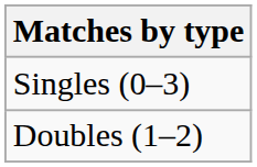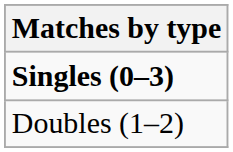 <table class=wikitable>
 <tr>
 <th>Matches by type</th>
 </tr>
 <tr>
-<td>Singles (0–3)</td>
+<td><strong>Singles (0–3)</strong></td>
 </tr>
 <tr>
 <td>Doubles (1–2)</td>
 </tr>
 </table>
